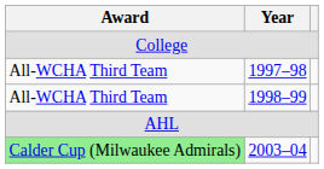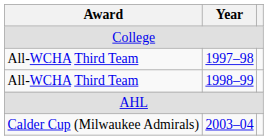 <table class="wikitable">
 <tr>
 <th>Award</th>
 <th>Year</th>
 <th></th>
 </tr>
 <tr ALIGN="center" bgcolor="#e0e0e0">
 <td colspan="3"><a href='#'>College</a></td>
 </tr>
 <tr>
 <td>All-<a href='#'>WCHA</a> <a href='#'>Third Team</a></td>
 <td><a href='#'>1997–98</a></td>
 <td></td>
 </tr>
 <tr>
 <td>All-<a href='#'>WCHA</a> <a href='#'>Third Team</a></td>
 <td><a href='#'>1998–99</a></td>
 <td></td>
 </tr>
 <tr ALIGN="center" bgcolor="#e0e0e0">
 <td colspan="3"><a href='#'>AHL</a></td>
 </tr>
 <tr>
-<td style="background: lightgreen;"><a href='#'>Calder Cup</a>  (Milwaukee Admirals)</td>
+<td><a href='#'>Calder Cup</a>  (Milwaukee Admirals)</td>
 <td><a href='#'>2003–04</a></td>
 <td></td>
 </tr>
 </table>
